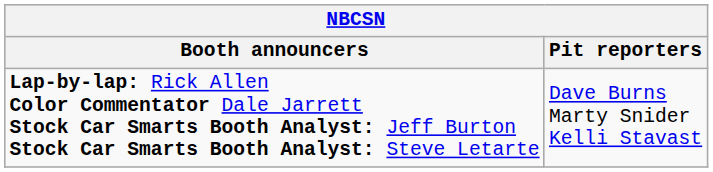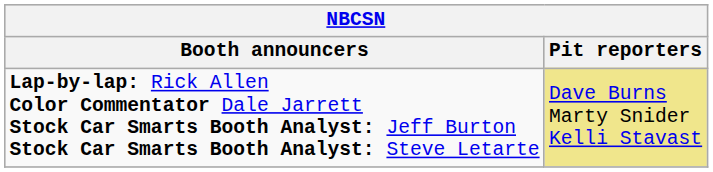 <table class="wikitable" style="font-size: 95%;">
 <tr>
 <th colspan="2"><a href='#'>NBCSN</a></th>
 </tr>
 <tr>
 <th>Booth announcers</th>
 <th>Pit reporters</th>
 </tr>
 <tr>
 <td><strong>Lap-by-lap:</strong> <a href='#'>Rick Allen</a><br> <strong>Color Commentator</strong> <a href='#'>Dale Jarrett</a><br><strong>Stock Car Smarts Booth Analyst:</strong> <a href='#'>Jeff Burton</a><br><strong>Stock Car Smarts Booth Analyst:</strong> <a href='#'>Steve Letarte</a></td>
-<td><a href='#'>Dave Burns</a><br>Marty Snider<br><a href='#'>Kelli Stavast</a></td>
+<td style="background: khaki;"><a href='#'>Dave Burns</a><br>Marty Snider<br><a href='#'>Kelli Stavast</a></td>
 </tr>
 </table>
